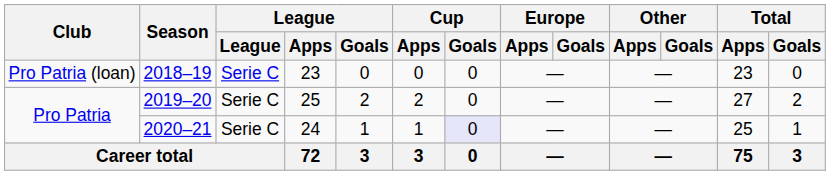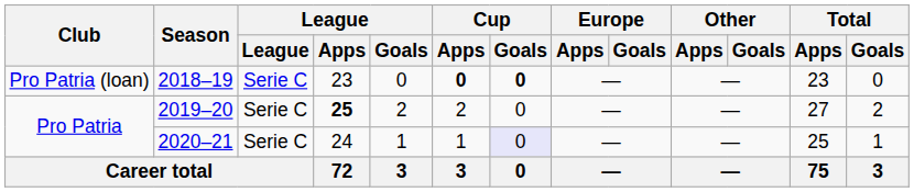 <table class="wikitable" style="text-align: center;">
 <tr>
 <th rowspan="2">Club</th>
 <th rowspan="2">Season</th>
 <th colspan="3">League</th>
 <th colspan="2">Cup</th>
 <th colspan="2">Europe</th>
 <th colspan="2">Other</th>
 <th colspan="2">Total</th>
 </tr>
 <tr>
 <th>League</th>
 <th>Apps</th>
 <th>Goals</th>
 <th>Apps</th>
 <th>Goals</th>
 <th>Apps</th>
 <th>Goals</th>
 <th>Apps</th>
 <th>Goals</th>
 <th>Apps</th>
 <th>Goals</th>
 </tr>
 <tr>
 <td><a href='#'>Pro Patria</a> (loan)</td>
 <td><a href='#'>2018–19</a></td>
 <td><a href='#'>Serie C</a></td>
 <td>23</td>
 <td>0</td>
-<td>0</td>
-<td>0</td>
+<td><strong>0</strong></td>
+<td><strong>0</strong></td>
 <td colspan="2">—</td>
 <td colspan="2">—</td>
 <td>23</td>
 <td>0</td>
 </tr>
 <tr>
 <td rowspan="2"><a href='#'>Pro Patria</a></td>
 <td><a href='#'>2019–20</a></td>
 <td>Serie C</td>
-<td>25</td>
+<td><strong>25</strong></td>
 <td>2</td>
 <td>2</td>
 <td>0</td>
 <td colspan="2">—</td>
 <td colspan="2">—</td>
 <td>27</td>
 <td>2</td>
 </tr>
 <tr>
 <td><a href='#'>2020–21</a></td>
 <td>Serie C</td>
 <td>24</td>
 <td>1</td>
 <td>1</td>
 <td style="background: lavender;">0</td>
 <td colspan="2">—</td>
 <td colspan="2">—</td>
 <td>25</td>
 <td>1</td>
 </tr>
 <tr>
 <th colspan="3">Career total</th>
 <th>72</th>
 <th>3</th>
 <th>3</th>
 <th>0</th>
 <th colspan="2">—</th>
 <th colspan="2">—</th>
 <th>75</th>
 <th>3</th>
 </tr>
 </table>
